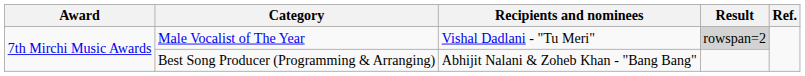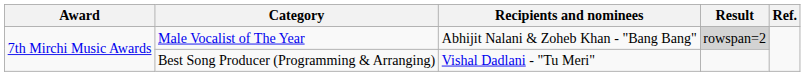 <table class="wikitable sortable">
 <tr>
 <th>Award</th>
 <th>Category</th>
 <th>Recipients and nominees</th>
 <th>Result</th>
 <th>Ref.</th>
 </tr>
 <tr>
 <td rowspan=2><a href='#'>7th Mirchi Music Awards</a></td>
 <td><a href='#'>Male Vocalist of The Year</a></td>
-<td><a href='#'>Vishal Dadlani</a> - "Tu Meri"</td>
+<td>Abhijit Nalani & Zoheb Khan - "Bang Bang"</td>
 <td style="background: lightgrey;">rowspan=2 </td>
 <td rowspan=2></td>
 </tr>
 <tr>
 <td>Best Song Producer (Programming & Arranging)</td>
-<td>Abhijit Nalani & Zoheb Khan - "Bang Bang"</td>
+<td><a href='#'>Vishal Dadlani</a> - "Tu Meri"</td>
 </tr>
 </table>
